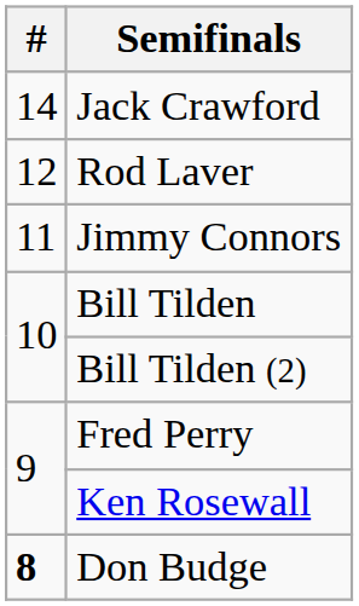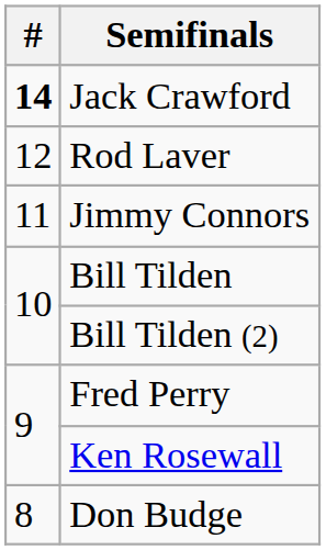 <table class=wikitable style="display:inline-table;">
 <tr>
 <th>#</th>
 <th>Semifinals</th>
 </tr>
 <tr>
-<td>14</td>
+<td><strong>14</strong></td>
 <td> Jack Crawford</td>
 </tr>
 <tr>
 <td>12</td>
 <td> Rod Laver</td>
 </tr>
 <tr>
 <td>11</td>
 <td> Jimmy Connors</td>
 </tr>
 <tr>
 <td rowspan="2">10</td>
 <td> Bill Tilden</td>
 </tr>
 <tr>
 <td> Bill Tilden <small>(2)</small></td>
 </tr>
 <tr>
 <td rowspan="2">9</td>
 <td> Fred Perry</td>
 </tr>
 <tr>
 <td> <a href='#'>Ken Rosewall</a></td>
 </tr>
 <tr>
-<td><strong>8</strong></td>
+<td>8</td>
 <td> Don Budge</td>
 </tr>
 </table>
